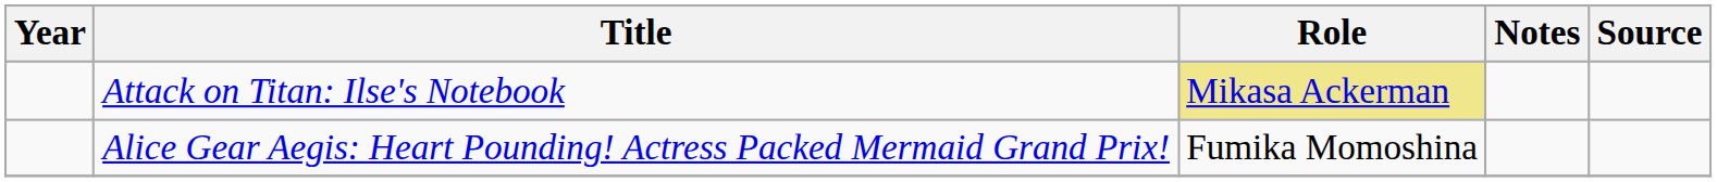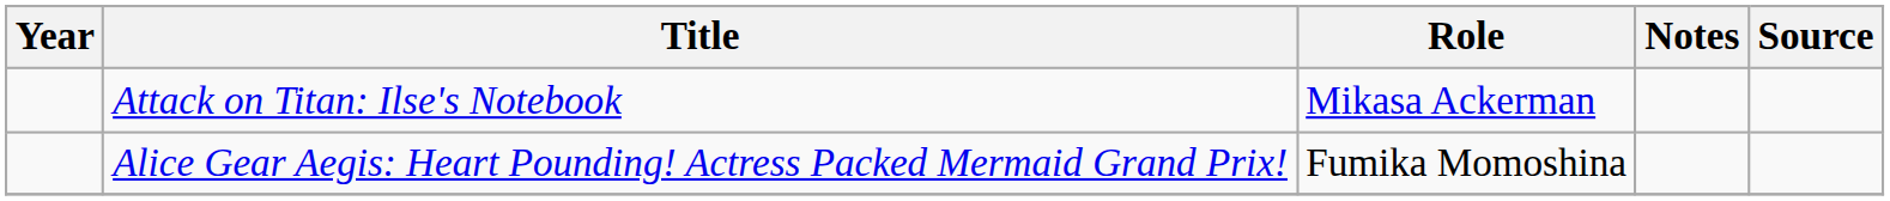 <table class="wikitable sortable plainrowheaders">
 <tr>
 <th>Year</th>
 <th>Title</th>
 <th>Role</th>
 <th class="unsortable">Notes</th>
 <th class="unsortable">Source</th>
 </tr>
 <tr>
 <td></td>
 <td><em><a href='#'>Attack on Titan: Ilse's Notebook</a></em></td>
-<td style="background: khaki;"><a href='#'>Mikasa Ackerman</a></td>
+<td><a href='#'>Mikasa Ackerman</a></td>
 <td></td>
 <td></td>
 </tr>
 <tr>
 <td></td>
 <td><em><a href='#'>Alice Gear Aegis: Heart Pounding! Actress Packed Mermaid Grand Prix!</a></em></td>
 <td>Fumika Momoshina</td>
 <td></td>
 <td></td>
 </tr>
 <tr>
 </tr>
 </table>
